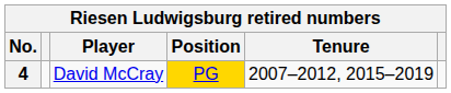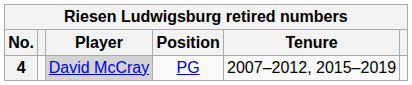 <table class="wikitable" style="text-align:center">
 <tr>
 <th colspan="6">Riesen Ludwigsburg retired numbers</th>
 </tr>
 <tr>
 <th>No.</th>
 <th></th>
 <th>Player</th>
 <th>Position</th>
 <th>Tenure</th>
 <th></th>
 </tr>
 <tr>
 <th scope="row"><strong>4</strong></th>
 <td></td>
-<td><a href='#'>David McCray</a></td>
-<td style="background: gold;"><a href='#'>PG</a></td>
+<td style="background: lightgrey;"><a href='#'>David McCray</a></td>
+<td><a href='#'>PG</a></td>
 <td>2007–2012, 2015–2019</td>
 <td></td>
 </tr>
 <tr>
 </tr>
 </table>
